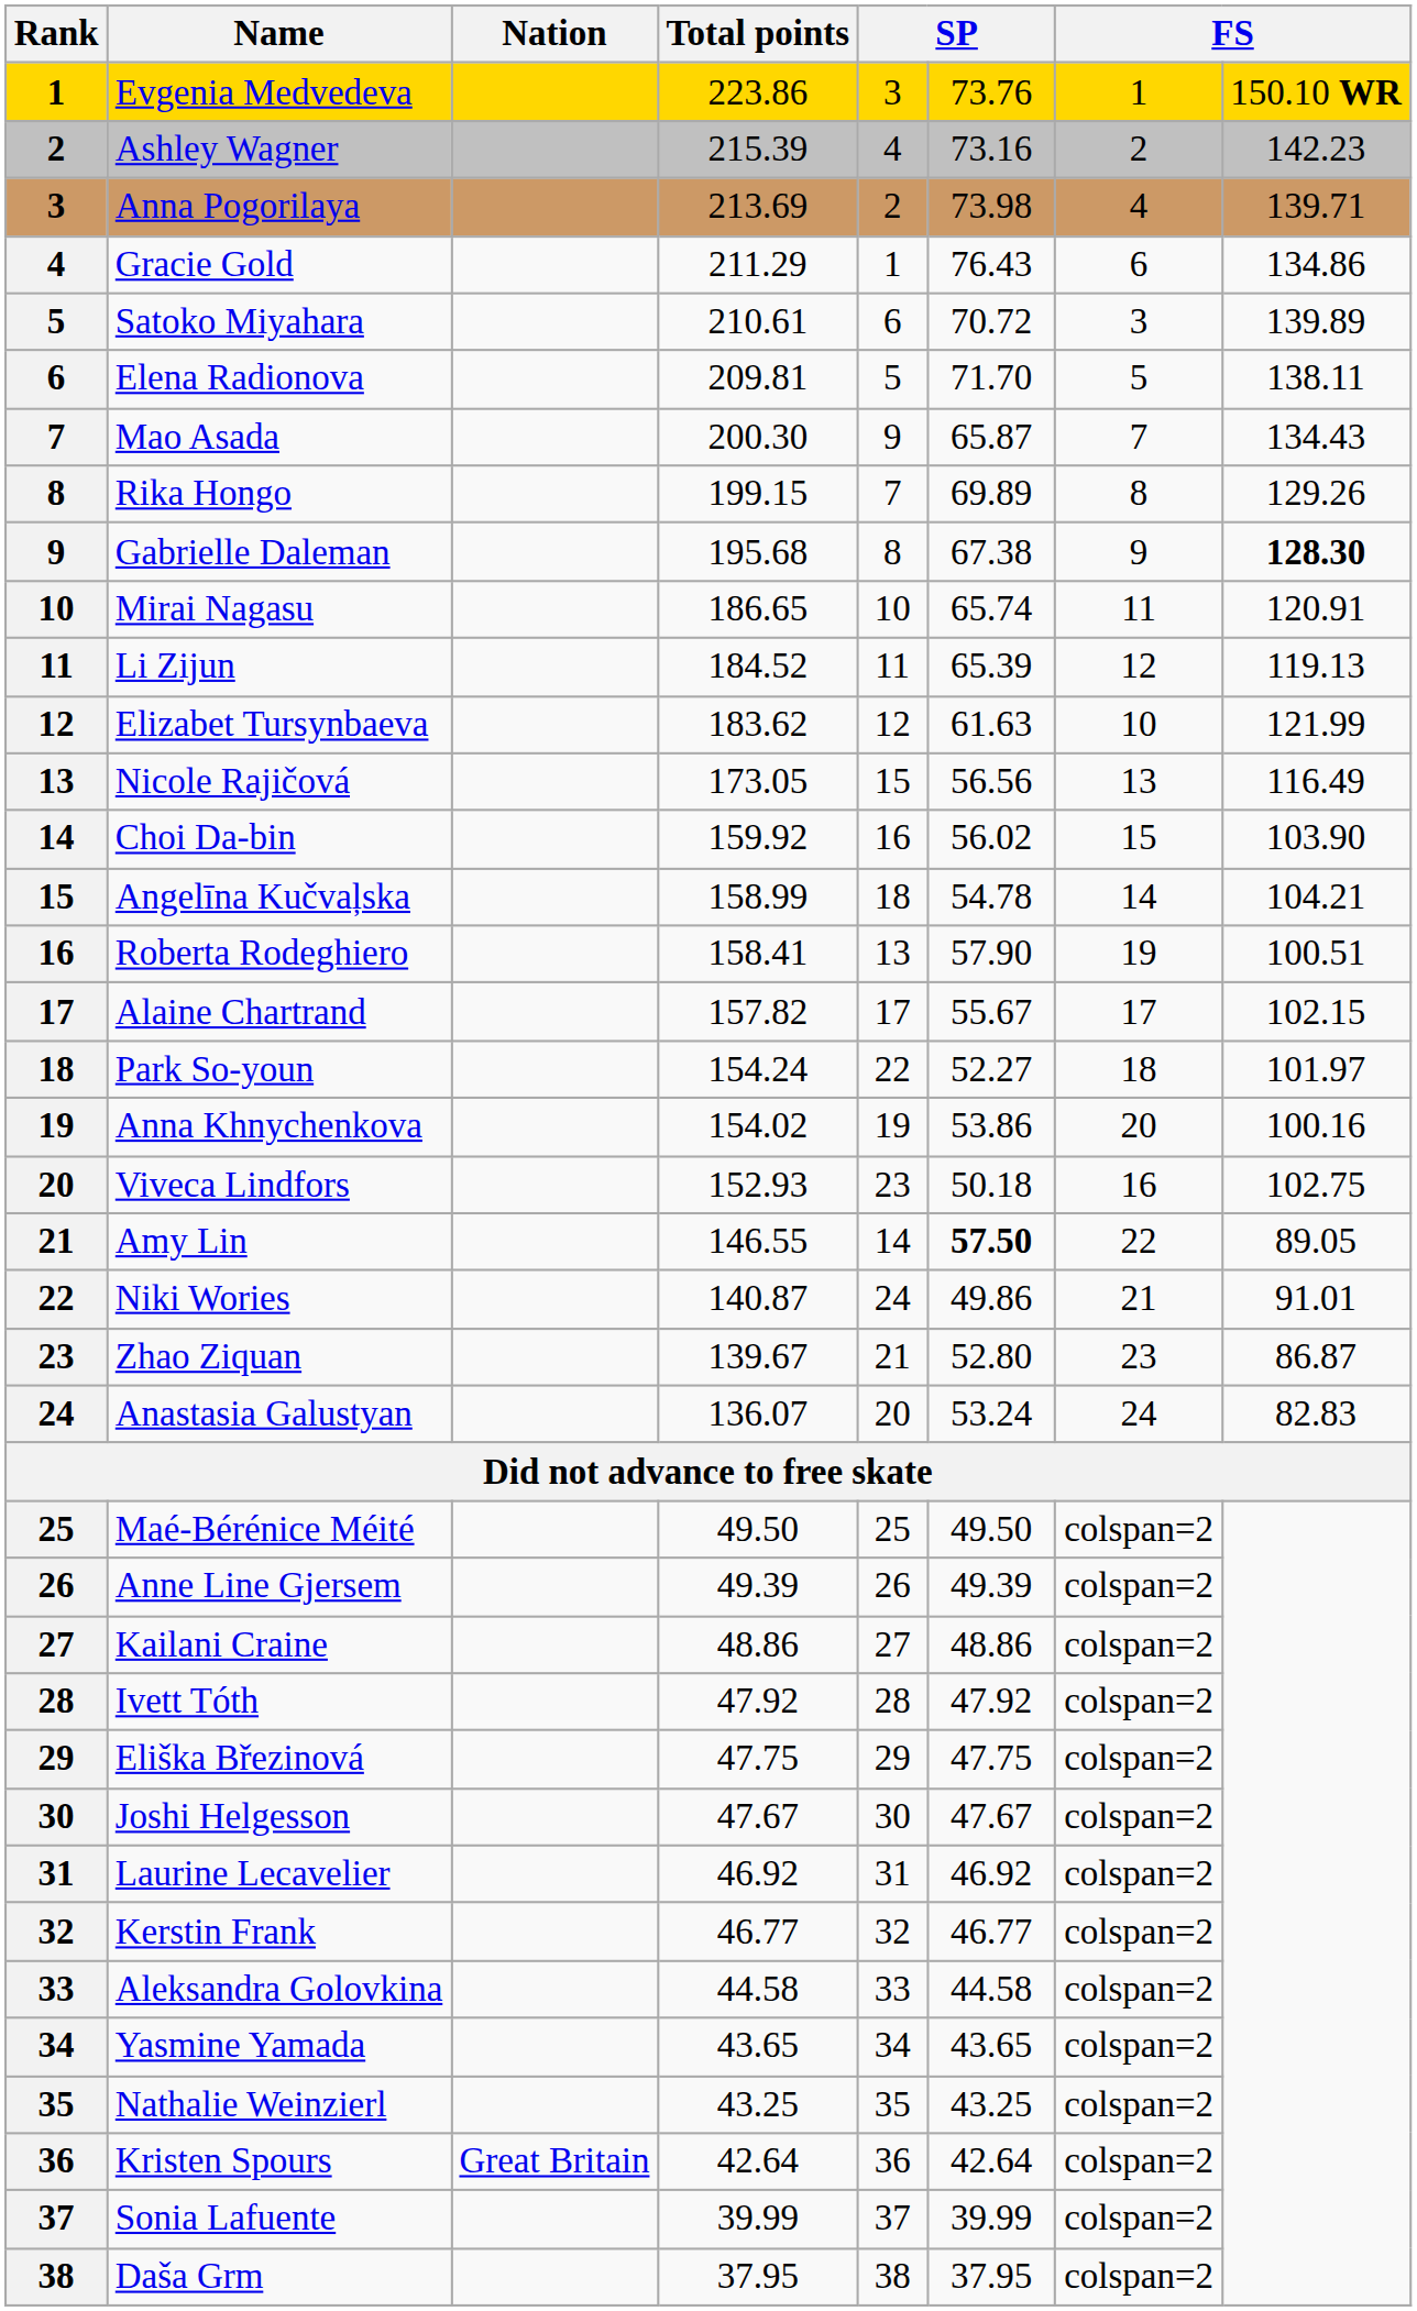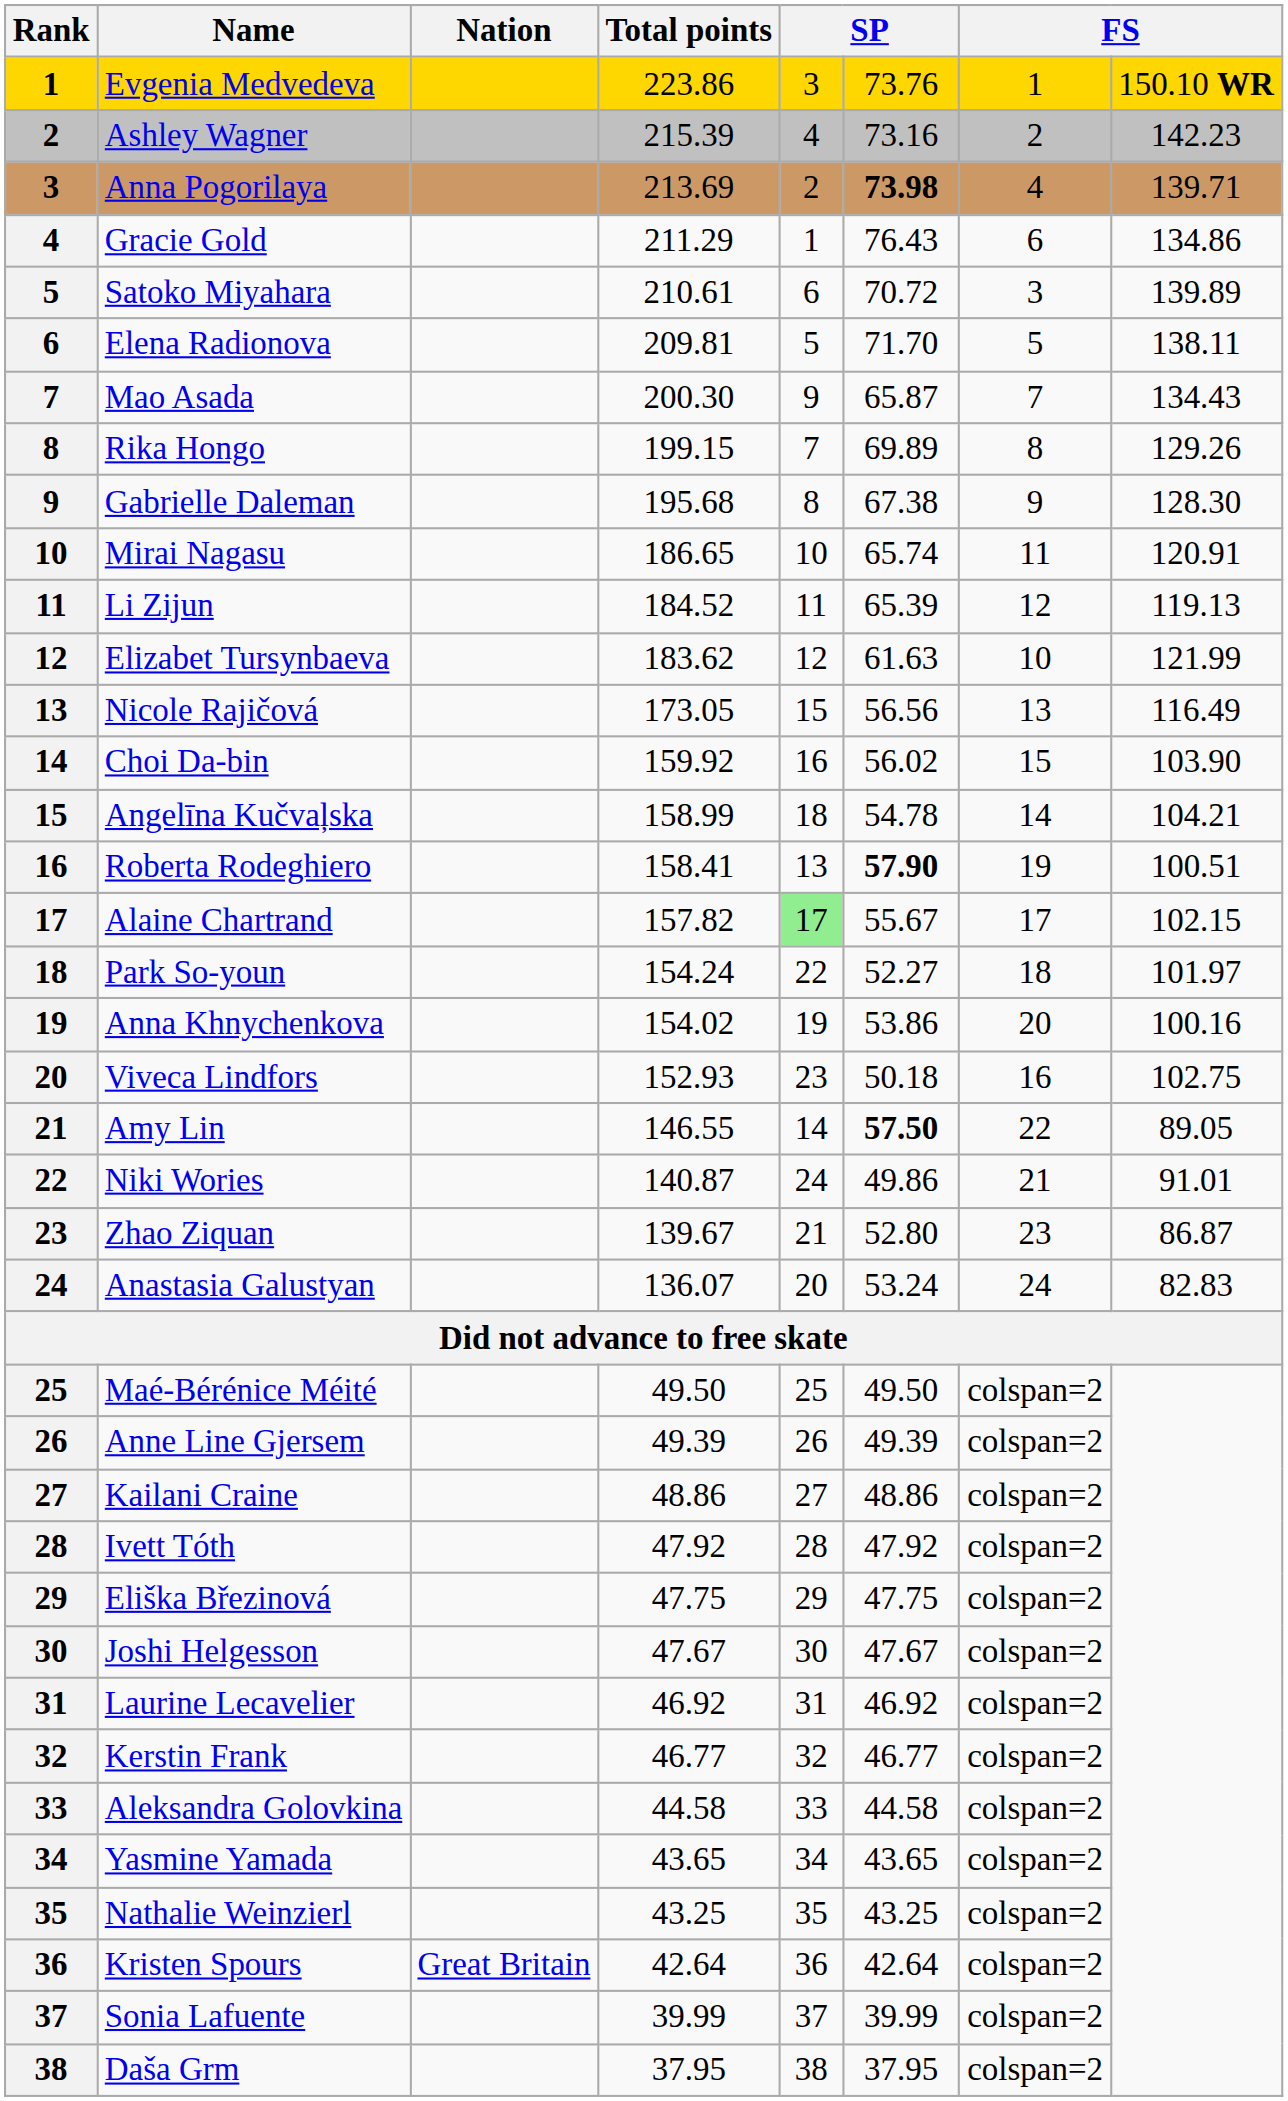 <table class="wikitable sortable">
 <tr>
 <th>Rank</th>
 <th>Name</th>
 <th>Nation</th>
 <th>Total points</th>
 <th colspan="2" width="80px"><a href='#'>SP</a></th>
 <th colspan="2" width="80px"><a href='#'>FS</a></th>
 </tr>
 <tr bgcolor="gold">
 <td align="center"><strong>1</strong></td>
 <td><a href='#'>Evgenia Medvedeva</a></td>
 <td></td>
 <td align="center">223.86</td>
 <td align="center">3</td>
 <td align="center">73.76</td>
 <td align="center">1</td>
 <td align="center">150.10 <strong>WR</strong></td>
 </tr>
 <tr bgcolor="silver">
 <td align="center"><strong>2</strong></td>
 <td><a href='#'>Ashley Wagner</a></td>
 <td></td>
 <td align="center">215.39</td>
 <td align="center">4</td>
 <td align="center">73.16</td>
 <td align="center">2</td>
 <td align="center">142.23</td>
 </tr>
 <tr bgcolor="cc9966">
 <td align="center"><strong>3</strong></td>
 <td><a href='#'>Anna Pogorilaya</a></td>
 <td></td>
 <td align="center">213.69</td>
 <td align="center">2</td>
-<td align="center">73.98</td>
+<td align="center"><strong>73.98</strong></td>
 <td align="center">4</td>
 <td align="center">139.71</td>
 </tr>
 <tr>
 <th>4</th>
 <td><a href='#'>Gracie Gold</a></td>
 <td></td>
 <td align="center">211.29</td>
 <td align="center">1</td>
 <td align="center">76.43</td>
 <td align="center">6</td>
 <td align="center">134.86</td>
 </tr>
 <tr>
 <th>5</th>
 <td><a href='#'>Satoko Miyahara</a></td>
 <td></td>
 <td align="center">210.61</td>
 <td align="center">6</td>
 <td align="center">70.72</td>
 <td align="center">3</td>
 <td align="center">139.89</td>
 </tr>
 <tr>
 <th>6</th>
 <td><a href='#'>Elena Radionova</a></td>
 <td></td>
 <td align="center">209.81</td>
 <td align="center">5</td>
 <td align="center">71.70</td>
 <td align="center">5</td>
 <td align="center">138.11</td>
 </tr>
 <tr>
 <th>7</th>
 <td><a href='#'>Mao Asada</a></td>
 <td></td>
 <td align="center">200.30</td>
 <td align="center">9</td>
 <td align="center">65.87</td>
 <td align="center">7</td>
 <td align="center">134.43</td>
 </tr>
 <tr>
 <th>8</th>
 <td><a href='#'>Rika Hongo</a></td>
 <td></td>
 <td align="center">199.15</td>
 <td align="center">7</td>
 <td align="center">69.89</td>
 <td align="center">8</td>
 <td align="center">129.26</td>
 </tr>
 <tr>
 <th>9</th>
 <td><a href='#'>Gabrielle Daleman</a></td>
 <td></td>
 <td align="center">195.68</td>
 <td align="center">8</td>
 <td align="center">67.38</td>
 <td align="center">9</td>
-<td align="center"><strong>128.30</strong></td>
+<td align="center">128.30</td>
 </tr>
 <tr>
 <th>10</th>
 <td><a href='#'>Mirai Nagasu</a></td>
 <td></td>
 <td align="center">186.65</td>
 <td align="center">10</td>
 <td align="center">65.74</td>
 <td align="center">11</td>
 <td align="center">120.91</td>
 </tr>
 <tr>
 <th>11</th>
 <td><a href='#'>Li Zijun</a></td>
 <td></td>
 <td align="center">184.52</td>
 <td align="center">11</td>
 <td align="center">65.39</td>
 <td align="center">12</td>
 <td align="center">119.13</td>
 </tr>
 <tr>
 <th>12</th>
 <td><a href='#'>Elizabet Tursynbaeva</a></td>
 <td></td>
 <td align="center">183.62</td>
 <td align="center">12</td>
 <td align="center">61.63</td>
 <td align="center">10</td>
 <td align="center">121.99</td>
 </tr>
 <tr>
 <th>13</th>
 <td><a href='#'>Nicole Rajičová</a></td>
 <td></td>
 <td align="center">173.05</td>
 <td align="center">15</td>
 <td align="center">56.56</td>
 <td align="center">13</td>
 <td align="center">116.49</td>
 </tr>
 <tr>
 <th>14</th>
 <td><a href='#'>Choi Da-bin</a></td>
 <td></td>
 <td align="center">159.92</td>
 <td align="center">16</td>
 <td align="center">56.02</td>
 <td align="center">15</td>
 <td align="center">103.90</td>
 </tr>
 <tr>
 <th>15</th>
 <td><a href='#'>Angelīna Kučvaļska</a></td>
 <td></td>
 <td align="center">158.99</td>
 <td align="center">18</td>
 <td align="center">54.78</td>
 <td align="center">14</td>
 <td align="center">104.21</td>
 </tr>
 <tr>
 <th>16</th>
 <td><a href='#'>Roberta Rodeghiero</a></td>
 <td></td>
 <td align="center">158.41</td>
 <td align="center">13</td>
-<td align="center">57.90</td>
+<td align="center"><strong>57.90</strong></td>
 <td align="center">19</td>
 <td align="center">100.51</td>
 </tr>
 <tr>
 <th>17</th>
 <td><a href='#'>Alaine Chartrand</a></td>
 <td></td>
 <td align="center">157.82</td>
-<td align="center">17</td>
+<td align="center" style="background: lightgreen;">17</td>
 <td align="center">55.67</td>
 <td align="center">17</td>
 <td align="center">102.15</td>
 </tr>
 <tr>
 <th>18</th>
 <td><a href='#'>Park So-youn</a></td>
 <td></td>
 <td align="center">154.24</td>
 <td align="center">22</td>
 <td align="center">52.27</td>
 <td align="center">18</td>
 <td align="center">101.97</td>
 </tr>
 <tr>
 <th>19</th>
 <td><a href='#'>Anna Khnychenkova</a></td>
 <td></td>
 <td align="center">154.02</td>
 <td align="center">19</td>
 <td align="center">53.86</td>
 <td align="center">20</td>
 <td align="center">100.16</td>
 </tr>
 <tr>
 <th>20</th>
 <td><a href='#'>Viveca Lindfors</a></td>
 <td></td>
 <td align="center">152.93</td>
 <td align="center">23</td>
 <td align="center">50.18</td>
 <td align="center">16</td>
 <td align="center">102.75</td>
 </tr>
 <tr>
 <th>21</th>
 <td><a href='#'>Amy Lin</a></td>
 <td></td>
 <td align="center">146.55</td>
 <td align="center">14</td>
 <td align="center"><strong>57.50</strong></td>
 <td align="center">22</td>
 <td align="center">89.05</td>
 </tr>
 <tr>
 <th>22</th>
 <td><a href='#'>Niki Wories</a></td>
 <td></td>
 <td align="center">140.87</td>
 <td align="center">24</td>
 <td align="center">49.86</td>
 <td align="center">21</td>
 <td align="center">91.01</td>
 </tr>
 <tr>
 <th>23</th>
 <td><a href='#'>Zhao Ziquan</a></td>
 <td></td>
 <td align="center">139.67</td>
 <td align="center">21</td>
 <td align="center">52.80</td>
 <td align="center">23</td>
 <td align="center">86.87</td>
 </tr>
 <tr>
 <th>24</th>
 <td><a href='#'>Anastasia Galustyan</a></td>
 <td></td>
 <td align="center">136.07</td>
 <td align="center">20</td>
 <td align="center">53.24</td>
 <td align="center">24</td>
 <td align="center">82.83</td>
 </tr>
 <tr>
 <th colspan=10>Did not advance to free skate</th>
 </tr>
 <tr>
 <th>25</th>
 <td><a href='#'>Maé-Bérénice Méité</a></td>
 <td></td>
 <td align="center">49.50</td>
 <td align="center">25</td>
 <td align="center">49.50</td>
 <td>colspan=2 </td>
 </tr>
 <tr>
 <th>26</th>
 <td><a href='#'>Anne Line Gjersem</a></td>
 <td></td>
 <td align="center">49.39</td>
 <td align="center">26</td>
 <td align="center">49.39</td>
 <td>colspan=2 </td>
 </tr>
 <tr>
 <th>27</th>
 <td><a href='#'>Kailani Craine</a></td>
 <td></td>
 <td align="center">48.86</td>
 <td align="center">27</td>
 <td align="center">48.86</td>
 <td>colspan=2 </td>
 </tr>
 <tr>
 <th>28</th>
 <td><a href='#'>Ivett Tóth</a></td>
 <td></td>
 <td align="center">47.92</td>
 <td align="center">28</td>
 <td align="center">47.92</td>
 <td>colspan=2 </td>
 </tr>
 <tr>
 <th>29</th>
 <td><a href='#'>Eliška Březinová</a></td>
 <td></td>
 <td align="center">47.75</td>
 <td align="center">29</td>
 <td align="center">47.75</td>
 <td>colspan=2 </td>
 </tr>
 <tr>
 <th>30</th>
 <td><a href='#'>Joshi Helgesson</a></td>
 <td></td>
 <td align="center">47.67</td>
 <td align="center">30</td>
 <td align="center">47.67</td>
 <td>colspan=2 </td>
 </tr>
 <tr>
 <th>31</th>
 <td><a href='#'>Laurine Lecavelier</a></td>
 <td></td>
 <td align="center">46.92</td>
 <td align="center">31</td>
 <td align="center">46.92</td>
 <td>colspan=2 </td>
 </tr>
 <tr>
 <th>32</th>
 <td><a href='#'>Kerstin Frank</a></td>
 <td></td>
 <td align="center">46.77</td>
 <td align="center">32</td>
 <td align="center">46.77</td>
 <td>colspan=2 </td>
 </tr>
 <tr>
 <th>33</th>
 <td><a href='#'>Aleksandra Golovkina</a></td>
 <td></td>
 <td align="center">44.58</td>
 <td align="center">33</td>
 <td align="center">44.58</td>
 <td>colspan=2 </td>
 </tr>
 <tr>
 <th>34</th>
 <td><a href='#'>Yasmine Yamada</a></td>
 <td></td>
 <td align="center">43.65</td>
 <td align="center">34</td>
 <td align="center">43.65</td>
 <td>colspan=2 </td>
 </tr>
 <tr>
 <th>35</th>
 <td><a href='#'>Nathalie Weinzierl</a></td>
 <td></td>
 <td align="center">43.25</td>
 <td align="center">35</td>
 <td align="center">43.25</td>
 <td>colspan=2 </td>
 </tr>
 <tr>
 <th>36</th>
 <td><a href='#'>Kristen Spours</a></td>
 <td> <a href='#'>Great Britain</a></td>
 <td align="center">42.64</td>
 <td align="center">36</td>
 <td align="center">42.64</td>
 <td>colspan=2 </td>
 </tr>
 <tr>
 <th>37</th>
 <td><a href='#'>Sonia Lafuente</a></td>
 <td></td>
 <td align="center">39.99</td>
 <td align="center">37</td>
 <td align="center">39.99</td>
 <td>colspan=2 </td>
 </tr>
 <tr>
 <th>38</th>
 <td><a href='#'>Daša Grm</a></td>
 <td></td>
 <td align="center">37.95</td>
 <td align="center">38</td>
 <td align="center">37.95</td>
 <td>colspan=2 </td>
 </tr>
 </table>
